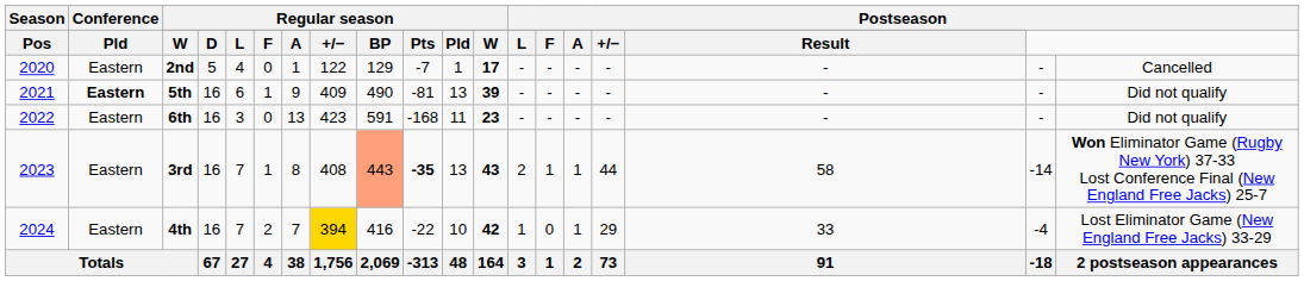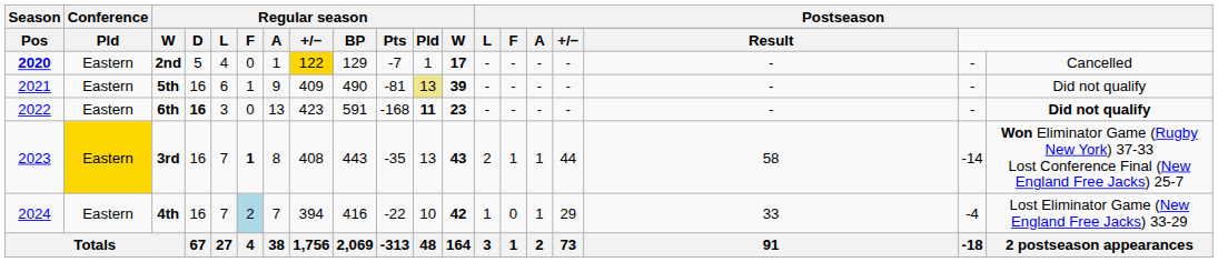 <table class="wikitable" style="text-align:center; font-size: 95%">
 <tr>
 <th rowspan="2">Season</th>
 <th rowspan="2">Conference</th>
 <th colspan="10">Regular season</th>
 <th colspan="8">Postseason</th>
 </tr>
 <tr {| class="wikitable" style="text-align:center;">
 </tr>
 <tr border=1 cellpadding=5 cellspacing=0>
 <th style="width:20px;">Pos</th>
 <th style="width:20px;">Pld</th>
 <th style="width:20px;">W</th>
 <th style="width:20px;">D</th>
 <th style="width:20px;">L</th>
 <th style="width:20px;">F</th>
 <th style="width:20px;">A</th>
 <th style="width:25px;">+/−</th>
 <th style="width:20px;">BP</th>
 <th style="width:20px;">Pts</th>
 <th style="width:20px;">Pld</th>
 <th style="width:20px;">W</th>
 <th style="width:20px;">L</th>
 <th style="width:20px;">F</th>
 <th style="width:20px;">A</th>
 <th style="width:25px;">+/−</th>
 <th style="width:25em; text-align:centre;">Result</th>
 </tr>
 <tr>
-<td><a href='#'>2020</a></td>
+<td><strong><a href='#'>2020</a></strong></td>
 <td>Eastern</td>
 <td><strong>2nd</strong></td>
 <td>5</td>
 <td>4</td>
 <td>0</td>
 <td>1</td>
-<td>122</td>
+<td style="background: gold;">122</td>
 <td>129</td>
 <td>-7</td>
 <td>1</td>
 <td><strong>17</strong></td>
 <td>-</td>
 <td>-</td>
 <td>-</td>
 <td>-</td>
 <td>-</td>
 <td>-</td>
 <td>Cancelled</td>
 </tr>
 <tr>
 <td><a href='#'>2021</a></td>
-<td><strong>Eastern</strong></td>
+<td>Eastern</td>
 <td><strong>5th</strong></td>
 <td>16</td>
 <td>6</td>
 <td>1</td>
 <td>9</td>
 <td>409</td>
 <td>490</td>
 <td>-81</td>
-<td>13</td>
+<td style="background: khaki;">13</td>
 <td><strong>39</strong></td>
 <td>-</td>
 <td>-</td>
 <td>-</td>
 <td>-</td>
 <td>-</td>
 <td>-</td>
 <td>Did not qualify</td>
 </tr>
 <tr>
 <td><a href='#'>2022</a></td>
 <td>Eastern</td>
 <td><strong>6th</strong></td>
-<td>16</td>
+<td><strong>16</strong></td>
 <td>3</td>
 <td>0</td>
 <td>13</td>
 <td>423</td>
 <td>591</td>
 <td>-168</td>
-<td>11</td>
+<td><strong>11</strong></td>
 <td><strong>23</strong></td>
 <td>-</td>
 <td>-</td>
 <td>-</td>
 <td>-</td>
 <td>-</td>
 <td>-</td>
-<td>Did not qualify</td>
+<td><strong>Did not qualify</strong></td>
 </tr>
 <tr>
 <td><a href='#'>2023</a></td>
-<td>Eastern</td>
+<td style="background: gold;">Eastern</td>
 <td><strong>3rd</strong></td>
 <td>16</td>
 <td>7</td>
-<td>1</td>
+<td><strong>1</strong></td>
 <td>8</td>
 <td>408</td>
-<td style="background: lightsalmon;">443</td>
-<td><strong>-35</strong></td>
+<td>443</td>
+<td>-35</td>
 <td>13</td>
 <td><strong>43</strong></td>
 <td>2</td>
 <td>1</td>
 <td>1</td>
 <td>44</td>
 <td>58</td>
 <td>-14</td>
 <td><strong>Won</strong> Eliminator Game (<a href='#'>Rugby New York</a>) 37-33<br>Lost Conference Final (<a href='#'>New England Free Jacks</a>) 25-7</td>
 </tr>
 <tr>
 <td><a href='#'>2024</a></td>
 <td>Eastern</td>
 <td><strong>4th</strong></td>
 <td>16</td>
 <td>7</td>
-<td>2</td>
+<td style="background: lightblue;">2</td>
 <td>7</td>
-<td style="background: gold;">394</td>
+<td>394</td>
 <td>416</td>
 <td>-22</td>
 <td>10</td>
 <td><strong>42</strong></td>
 <td>1</td>
 <td>0</td>
 <td>1</td>
 <td>29</td>
 <td>33</td>
 <td>-4</td>
 <td>Lost Eliminator Game (<a href='#'>New England Free Jacks</a>) 33-29</td>
 </tr>
 <tr align="center">
 <th colspan="3">Totals</th>
 <th>67</th>
 <th>27</th>
 <th>4</th>
 <th>38</th>
 <th>1,756</th>
 <th>2,069</th>
 <th>-313</th>
 <th>48</th>
 <th>164</th>
 <th>3</th>
 <th>1</th>
 <th>2</th>
 <th>73</th>
 <th>91</th>
 <th>-18</th>
 <th>2 postseason appearances</th>
 </tr>
 </table>
